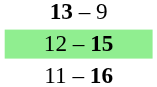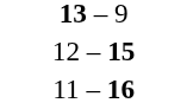 <table style="text-align:center">
 <tr>
 <th width=200></th>
 <th width=100></th>
 <th width=200></th>
 </tr>
 <tr>
 <td align=right><strong></strong></td>
 <td><strong>13</strong> – 9</td>
 <td align=left></td>
 </tr>
 <tr>
 <td align=right></td>
-<td style="background: lightgreen;">12 – <strong>15</strong></td>
+<td>12 – <strong>15</strong></td>
 <td align=left><strong></strong></td>
 </tr>
 <tr>
 <td align=right></td>
 <td>11 – <strong>16</strong></td>
 <td align=left><strong></strong></td>
 </tr>
 </table>
